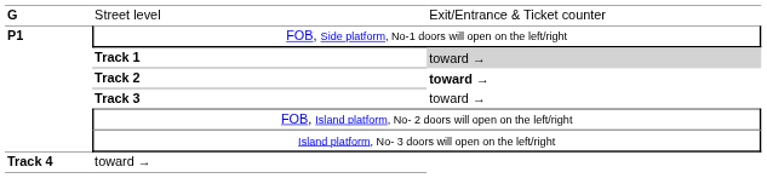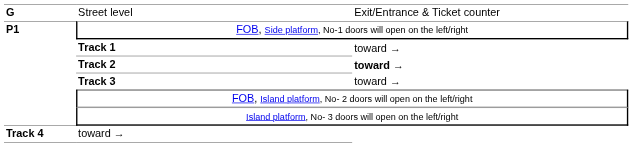 <table table border=0 cellspacing=0 cellpadding=3>
 <tr>
 <td style="border-top:solid 1px gray;" width=50 valign=top><strong>G</strong></td>
 <td style="border-top:solid 1px gray;" width=100 valign=top>Street level</td>
 <td style="border-top:solid 1px gray;" width=400 valign=top>Exit/Entrance & Ticket counter</td>
 </tr>
 <tr>
 <td style="border-top:solid 1px gray;border-bottom:solid 1px gray;" width=50 rowspan=6 valign=top><strong>P1</strong></td>
 <td style="border-top:solid 1px gray;border-right:solid 2px black;border-left:solid 2px black;border-bottom:solid 2px black;text-align:center;" colspan=2><a href='#'>FOB</a>, <small><a href='#'>Side platform</a>, No-1 doors will open on the left/right</small></td>
 </tr>
 <tr>
 <td style="border-bottom:solid 1px gray;" width=100><strong>Track 1</strong></td>
-<td style="background: lightgrey;">  toward →</td>
+<td>  toward →</td>
 </tr>
 <tr>
 <td style="border-bottom:solid 1px gray;" width=100><strong>Track 2</strong></td>
 <td><strong>  toward →</strong></td>
 </tr>
 <tr>
 <td><strong>Track 3</strong></td>
 <td>  toward →</td>
 </tr>
 <tr>
 <td style="border-top:solid 1px black;border-right:solid 2px black;border-left:solid 2px black;border-bottom:solid 1px gray;text-align:center;" colspan=2><a href='#'>FOB</a>, <small><a href='#'>Island platform</a>, No- 2 doors will open on the left/right </small></td>
 </tr>
 <tr>
 <td style="border-top:solid 1px gray;border-right:solid 2px black;border-left:solid 2px black;border-bottom:solid 2px black;text-align:center;" colspan=2><small><a href='#'>Island platform</a>, No- 3 doors will open on the left/right</small></td>
 </tr>
 <tr>
 <td style="border-bottom:solid 1px gray;" width=100><strong>Track 4</strong></td>
 <td style="border-bottom:solid 1px gray;" width=400>toward →</td>
 </tr>
 </table>
